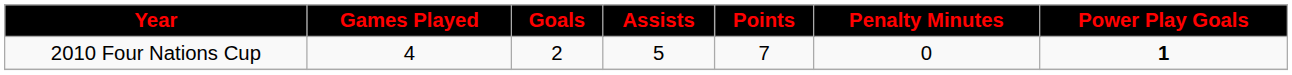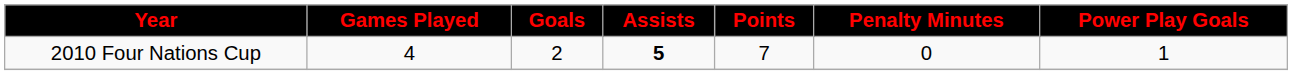 <table class="wikitable" width="80%">
 <tr align="center"  style="background:black;color:red;">
 <td><strong>Year</strong></td>
 <td><strong>Games Played</strong></td>
 <td><strong>Goals</strong></td>
 <td><strong>Assists</strong></td>
 <td><strong>Points</strong></td>
 <td><strong>Penalty Minutes</strong></td>
 <td><strong>Power Play Goals</strong></td>
 </tr>
 <tr align="center" bgcolor="">
 <td>2010 Four Nations Cup</td>
 <td>4</td>
 <td>2</td>
-<td>5</td>
+<td><strong>5</strong></td>
 <td>7</td>
 <td>0</td>
-<td><strong>1</strong></td>
+<td>1</td>
 </tr>
 <tr align="center" bgcolor="">
 </tr>
 </table>
